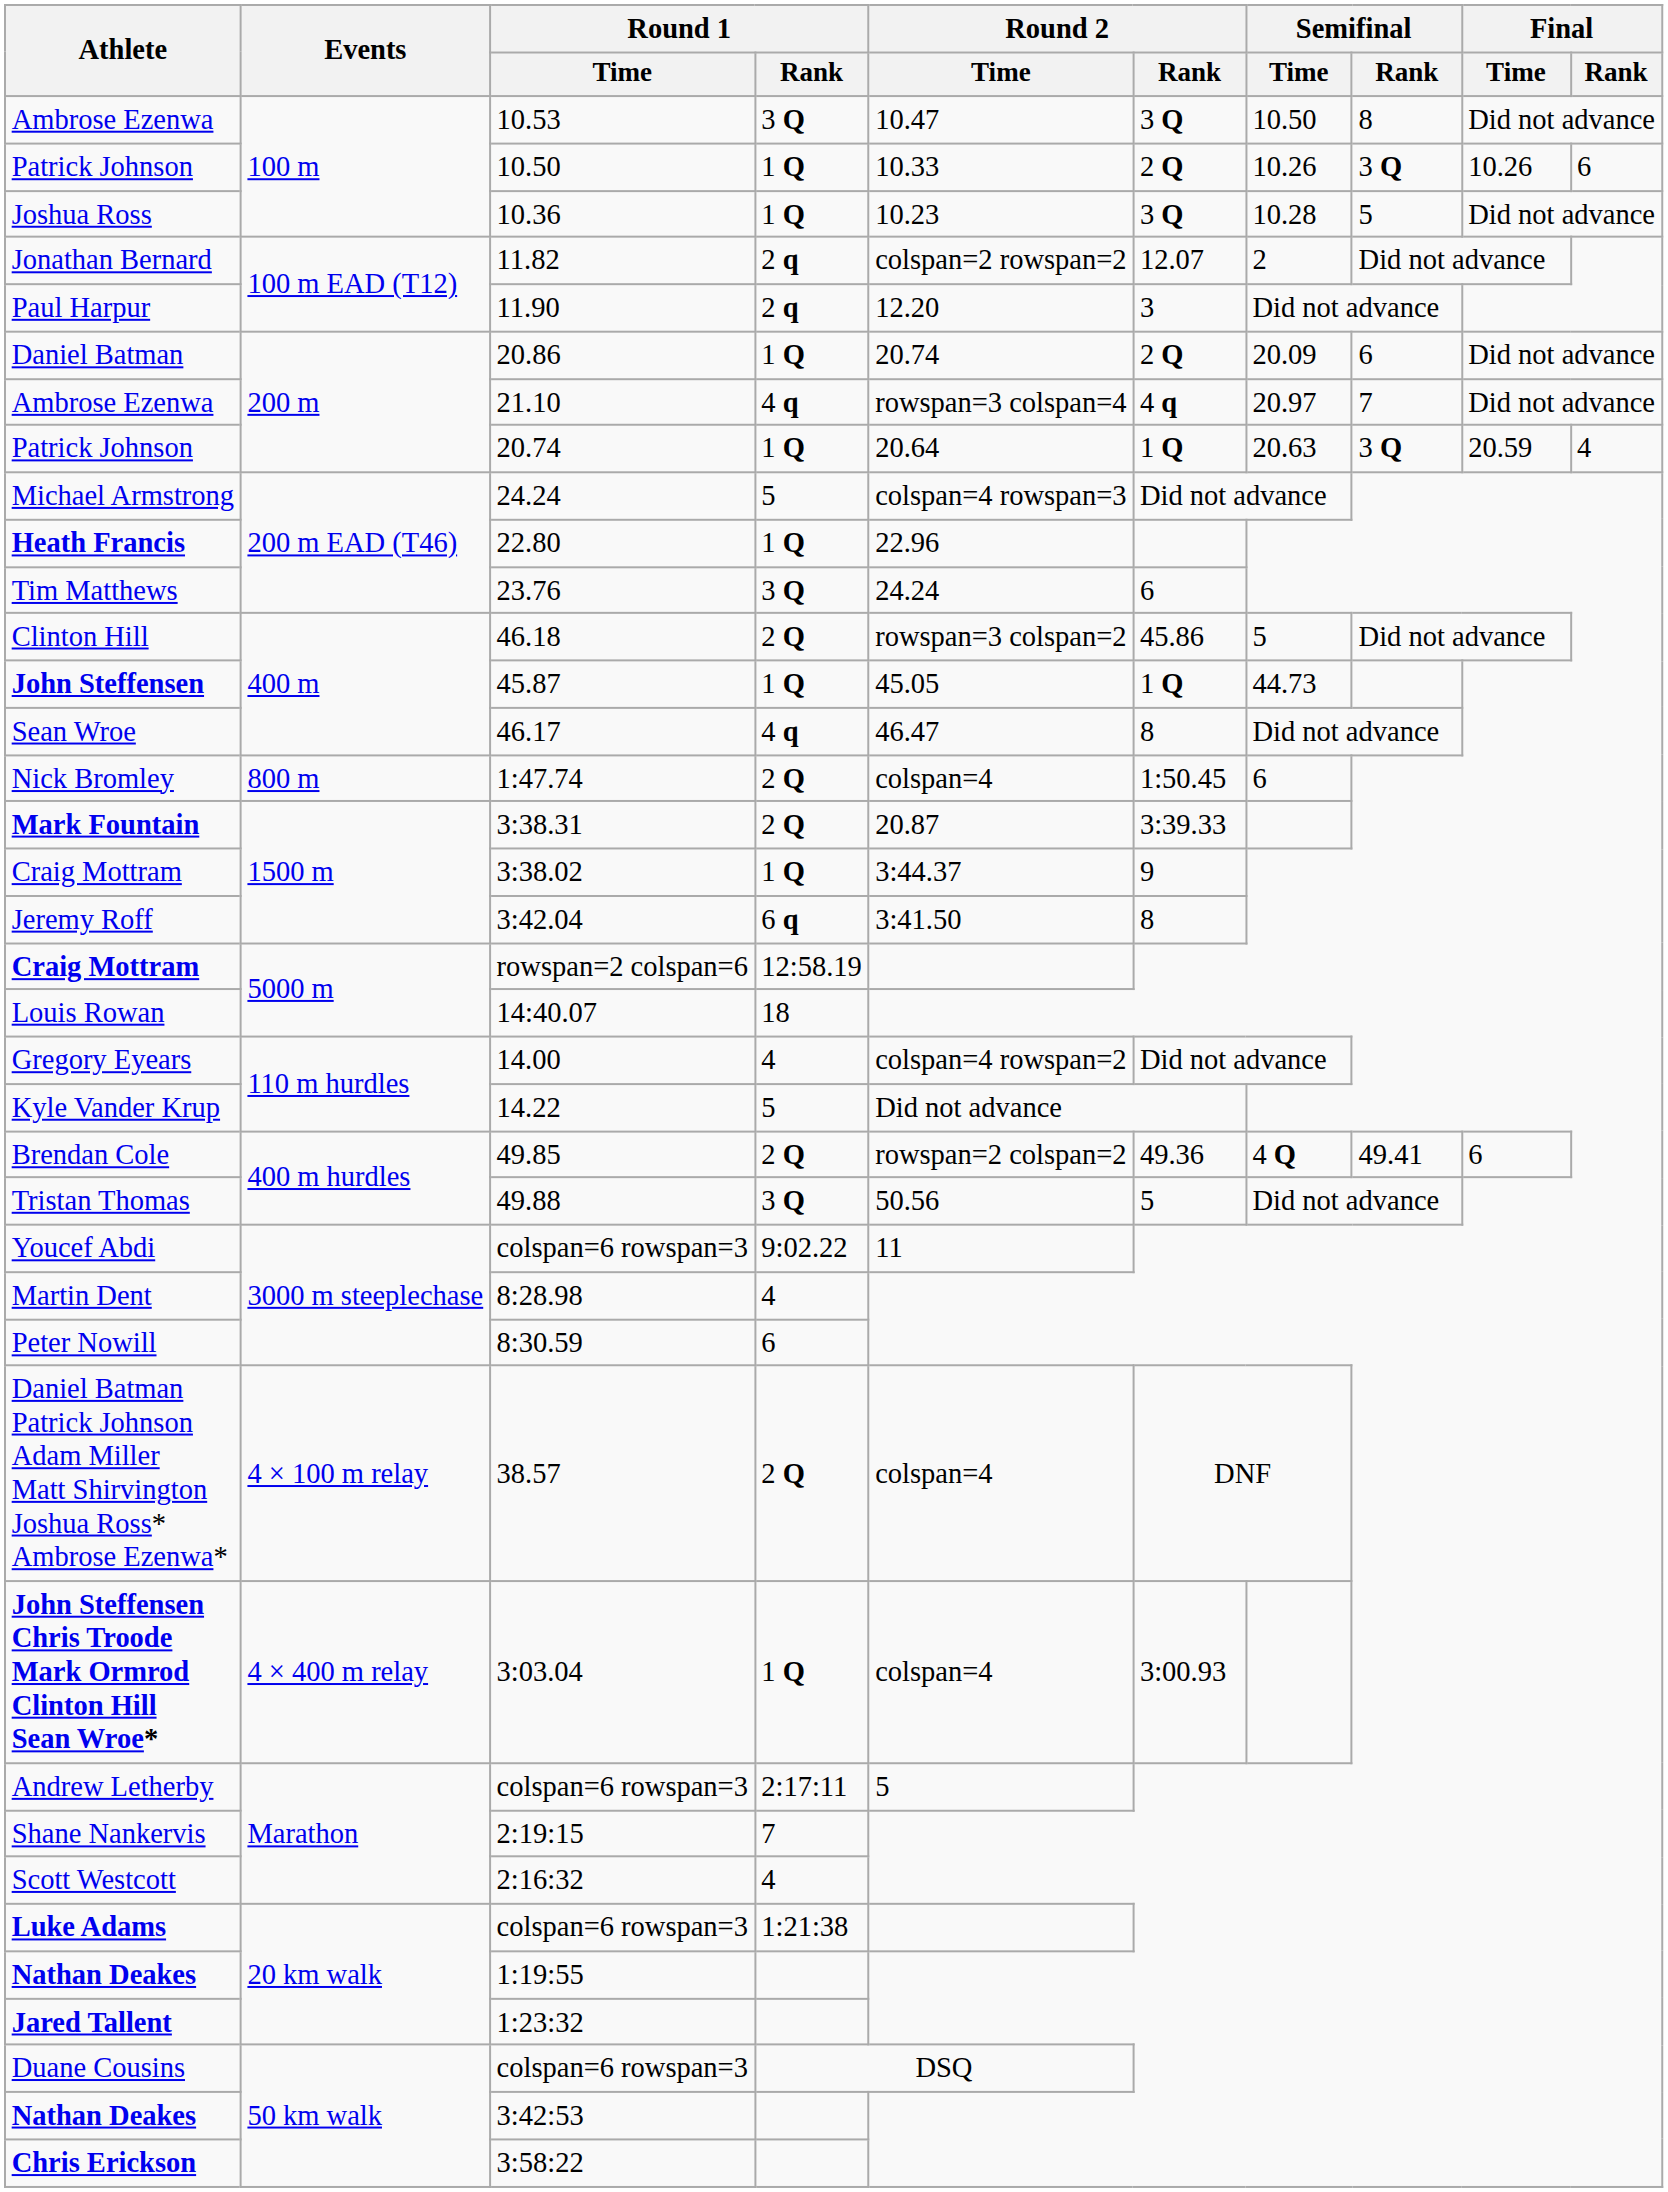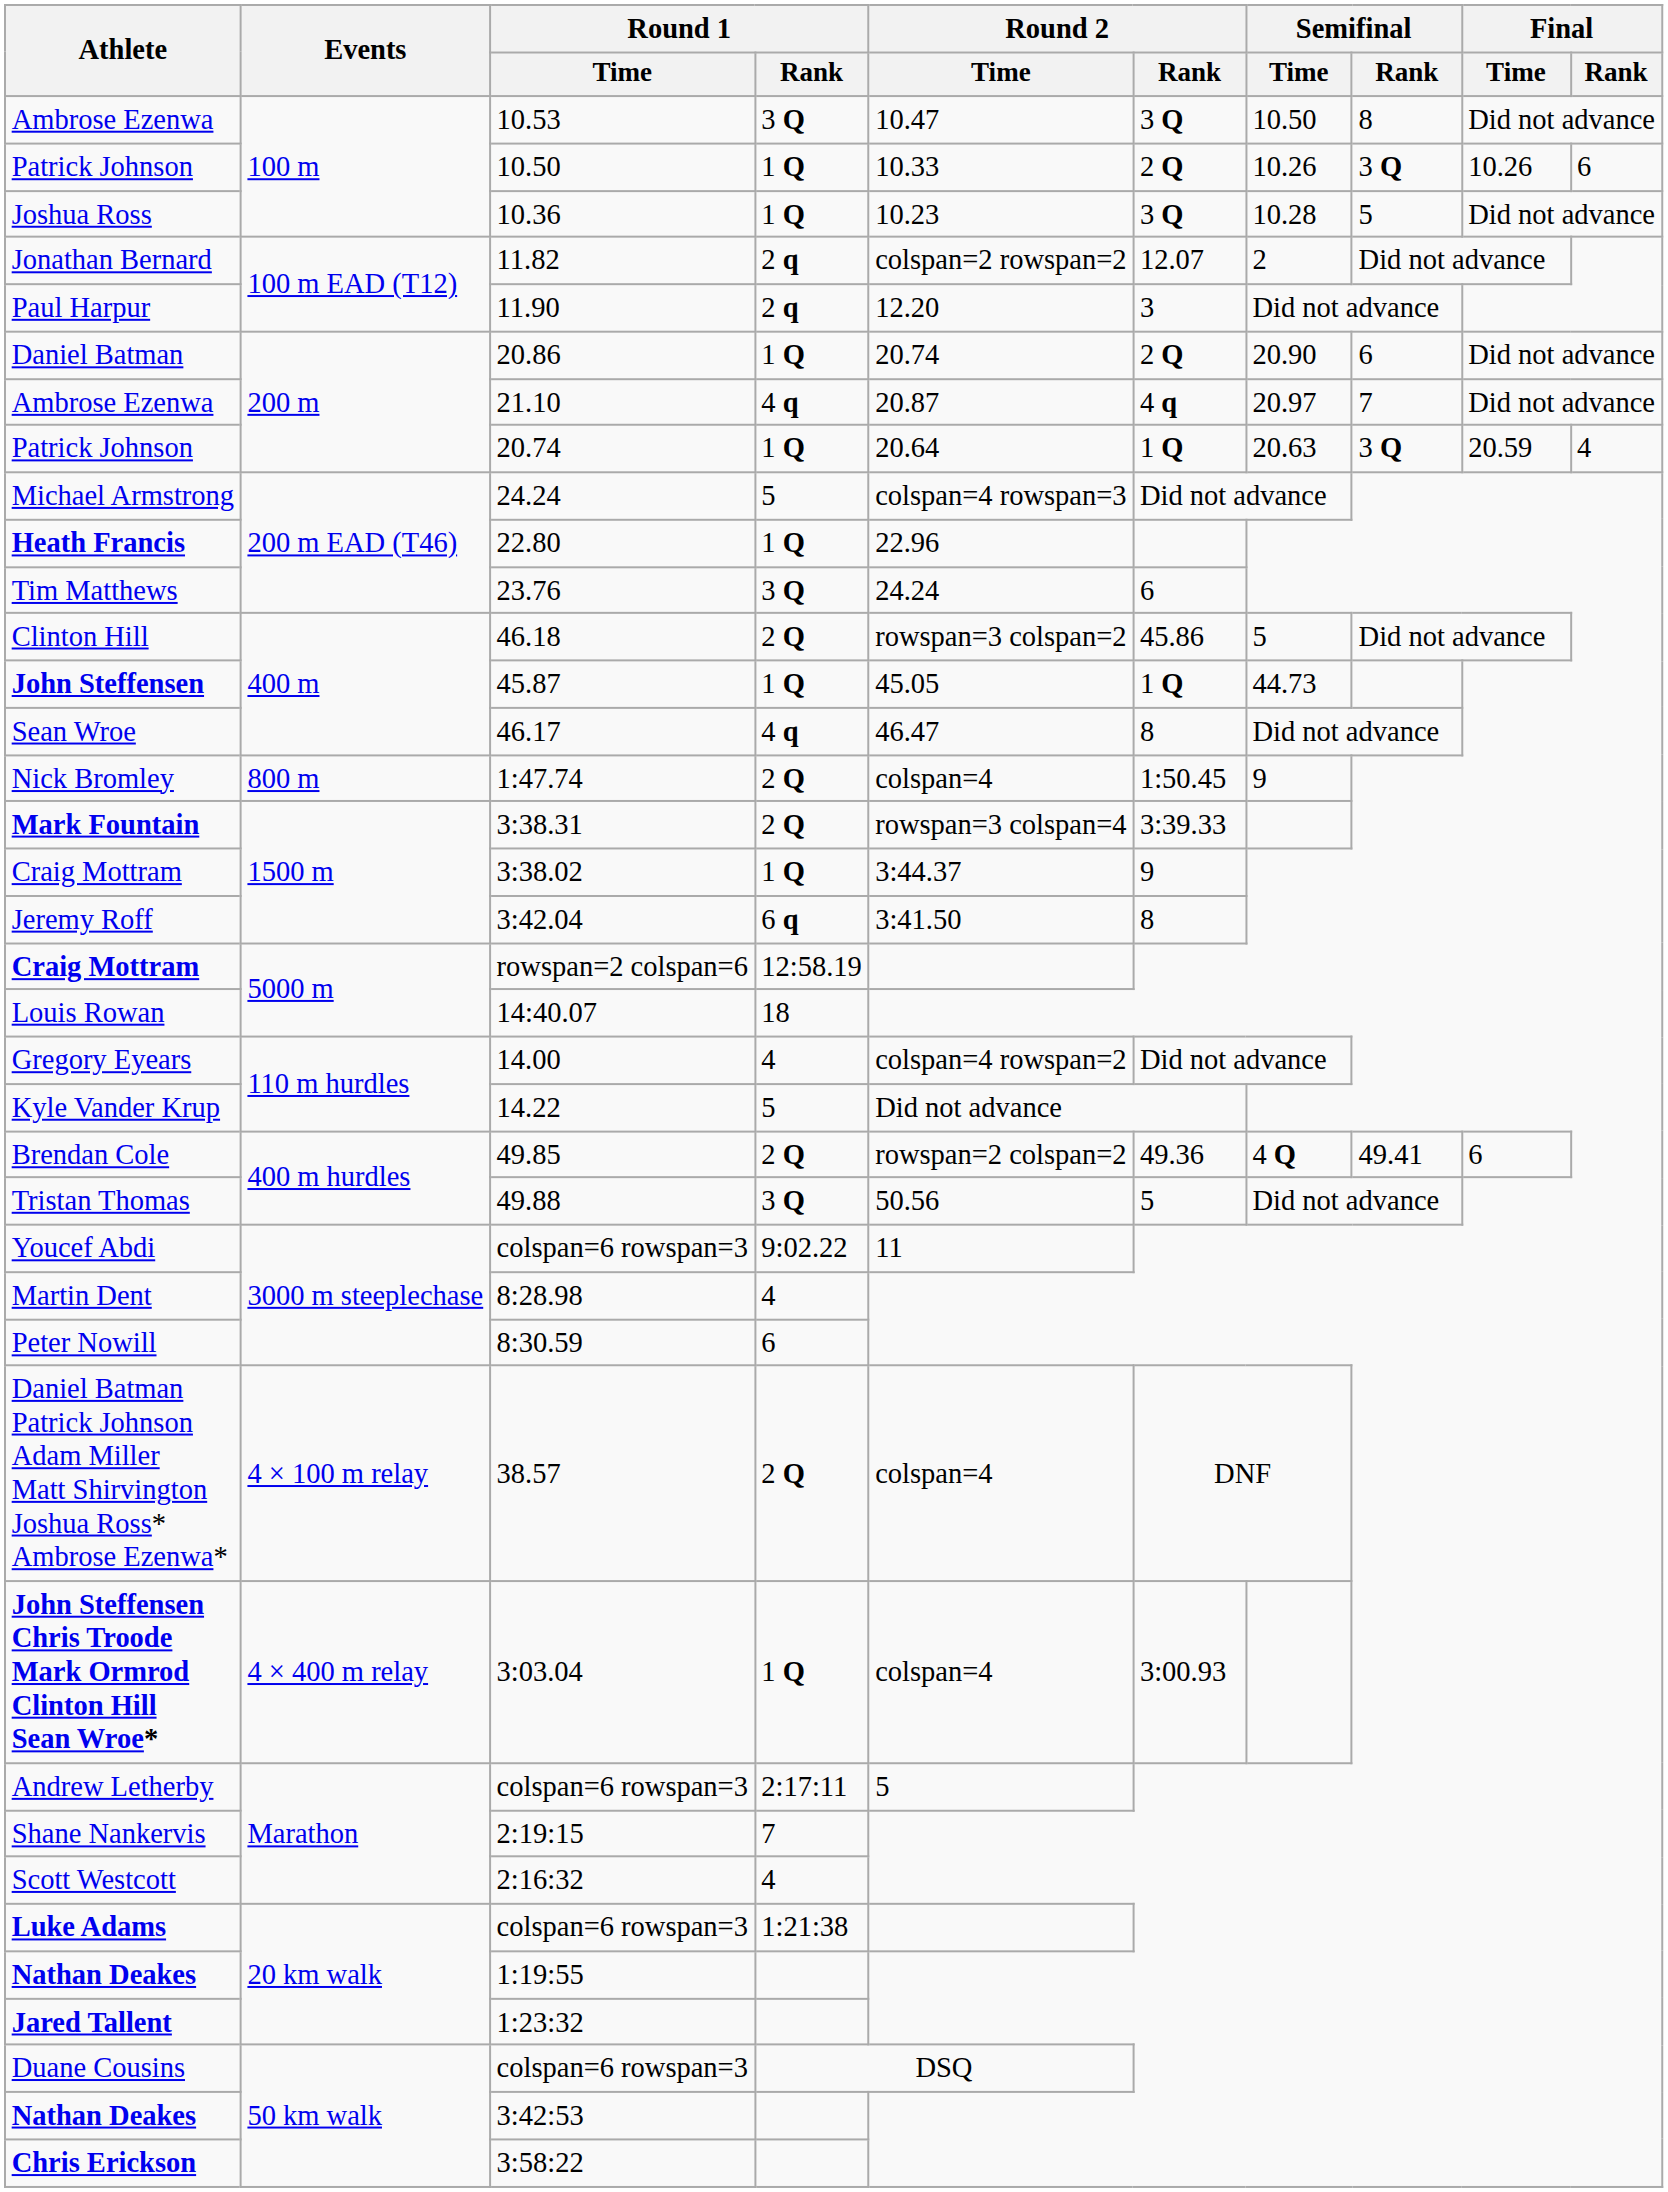 <table class=wikitable style="font-size:90%">
 <tr>
 <th rowspan="2">Athlete</th>
 <th rowspan="2">Events</th>
 <th colspan="2">Round 1</th>
 <th colspan="2">Round 2</th>
 <th colspan="2">Semifinal</th>
 <th colspan="2">Final</th>
 </tr>
 <tr style="font-size:95%">
 <th>Time</th>
 <th>Rank</th>
 <th>Time</th>
 <th>Rank</th>
 <th>Time</th>
 <th>Rank</th>
 <th>Time</th>
 <th>Rank</th>
 </tr>
 <tr>
 <td><a href='#'>Ambrose Ezenwa</a></td>
 <td rowspan=3><a href='#'>100 m</a></td>
 <td>10.53</td>
 <td>3 <strong>Q</strong></td>
 <td>10.47</td>
 <td>3 <strong>Q</strong></td>
 <td>10.50</td>
 <td>8</td>
 <td colspan=2 align=center>Did not advance</td>
 </tr>
 <tr>
 <td><a href='#'>Patrick Johnson</a></td>
 <td>10.50</td>
 <td>1 <strong>Q</strong></td>
 <td>10.33</td>
 <td>2 <strong>Q</strong></td>
 <td>10.26</td>
 <td>3 <strong>Q</strong></td>
 <td>10.26</td>
 <td>6</td>
 </tr>
 <tr>
 <td><a href='#'>Joshua Ross</a></td>
 <td>10.36</td>
 <td>1 <strong>Q</strong></td>
 <td>10.23</td>
 <td>3 <strong>Q</strong></td>
 <td>10.28</td>
 <td>5</td>
 <td colspan=2 align=center>Did not advance</td>
 </tr>
 <tr>
 <td><a href='#'>Jonathan Bernard</a></td>
 <td rowspan=2><a href='#'>100 m EAD (T12)</a></td>
 <td>11.82</td>
 <td>2 <strong>q</strong></td>
 <td>colspan=2 rowspan=2 </td>
 <td>12.07</td>
 <td>2</td>
 <td colspan=2>Did not advance</td>
 </tr>
 <tr>
 <td><a href='#'>Paul Harpur</a></td>
 <td>11.90</td>
 <td>2 <strong>q</strong></td>
 <td>12.20</td>
 <td>3</td>
 <td colspan=2>Did not advance</td>
 </tr>
 <tr>
 <td><a href='#'>Daniel Batman</a></td>
 <td rowspan=3><a href='#'>200 m</a></td>
 <td>20.86</td>
 <td>1 <strong>Q</strong></td>
 <td>20.74</td>
 <td>2 <strong>Q</strong></td>
-<td>20.09</td>
+<td>20.90</td>
 <td>6</td>
 <td colspan=2>Did not advance</td>
 </tr>
 <tr>
 <td><a href='#'>Ambrose Ezenwa</a></td>
 <td>21.10</td>
 <td>4 <strong>q</strong></td>
-<td>rowspan=3 colspan=4 </td>
+<td>20.87</td>
 <td>4 <strong>q</strong></td>
 <td>20.97</td>
 <td>7</td>
 <td colspan=2>Did not advance</td>
 </tr>
 <tr>
 <td><a href='#'>Patrick Johnson</a></td>
 <td>20.74</td>
 <td>1 <strong>Q</strong></td>
 <td>20.64</td>
 <td>1 <strong>Q</strong></td>
 <td>20.63</td>
 <td>3 <strong>Q</strong></td>
 <td>20.59</td>
 <td>4</td>
 </tr>
 <tr>
 <td><a href='#'>Michael Armstrong</a></td>
 <td rowspan=3><a href='#'>200 m EAD (T46)</a></td>
 <td>24.24</td>
 <td>5</td>
 <td>colspan=4 rowspan=3 </td>
 <td colspan=2>Did not advance</td>
 </tr>
 <tr>
 <td><strong><a href='#'>Heath Francis</a></strong></td>
 <td>22.80</td>
 <td>1 <strong>Q</strong></td>
 <td>22.96</td>
 <td></td>
 </tr>
 <tr>
 <td><a href='#'>Tim Matthews</a></td>
 <td>23.76</td>
 <td>3 <strong>Q</strong></td>
 <td>24.24</td>
 <td>6</td>
 </tr>
 <tr>
 <td><a href='#'>Clinton Hill</a></td>
 <td rowspan=3><a href='#'>400 m</a></td>
 <td>46.18</td>
 <td>2 <strong>Q</strong></td>
 <td>rowspan=3 colspan=2 </td>
 <td>45.86</td>
 <td>5</td>
 <td colspan=2>Did not advance</td>
 </tr>
 <tr>
 <td><strong><a href='#'>John Steffensen</a></strong></td>
 <td>45.87</td>
 <td>1 <strong>Q</strong></td>
 <td>45.05</td>
 <td>1 <strong>Q</strong></td>
 <td>44.73</td>
 <td></td>
 </tr>
 <tr>
 <td><a href='#'>Sean Wroe</a></td>
 <td>46.17</td>
 <td>4 <strong>q</strong></td>
 <td>46.47</td>
 <td>8</td>
 <td colspan=2>Did not advance</td>
 </tr>
 <tr>
 <td><a href='#'>Nick Bromley</a></td>
 <td><a href='#'>800 m</a></td>
 <td>1:47.74</td>
 <td>2 <strong>Q</strong></td>
 <td>colspan=4 </td>
 <td>1:50.45</td>
-<td>6</td>
+<td>9</td>
 </tr>
 <tr>
 <td><strong><a href='#'>Mark Fountain</a></strong></td>
 <td rowspan=3><a href='#'>1500 m</a></td>
 <td>3:38.31</td>
 <td>2 <strong>Q</strong></td>
-<td>20.87</td>
+<td>rowspan=3 colspan=4 </td>
 <td>3:39.33</td>
 <td></td>
 </tr>
 <tr>
 <td><a href='#'>Craig Mottram</a></td>
 <td>3:38.02</td>
 <td>1 <strong>Q</strong></td>
 <td>3:44.37</td>
 <td>9</td>
 </tr>
 <tr>
 <td><a href='#'>Jeremy Roff</a></td>
 <td>3:42.04</td>
 <td>6 <strong>q</strong></td>
 <td>3:41.50</td>
 <td>8</td>
 </tr>
 <tr>
 <td><strong><a href='#'>Craig Mottram</a></strong></td>
 <td rowspan=2><a href='#'>5000 m</a></td>
 <td>rowspan=2 colspan=6 </td>
 <td>12:58.19</td>
 <td></td>
 </tr>
 <tr>
 <td><a href='#'>Louis Rowan</a></td>
 <td>14:40.07</td>
 <td>18</td>
 </tr>
 <tr>
 <td><a href='#'>Gregory Eyears</a></td>
 <td rowspan=2><a href='#'>110 m hurdles</a></td>
 <td>14.00</td>
 <td>4</td>
 <td>colspan=4 rowspan=2 </td>
 <td colspan=2>Did not advance</td>
 </tr>
 <tr>
 <td><a href='#'>Kyle Vander Krup</a></td>
 <td>14.22</td>
 <td>5</td>
 <td colspan=2>Did not advance</td>
 </tr>
 <tr>
 <td><a href='#'>Brendan Cole</a></td>
 <td rowspan=2><a href='#'>400 m hurdles</a></td>
 <td>49.85</td>
 <td>2 <strong>Q</strong></td>
 <td>rowspan=2 colspan=2 </td>
 <td>49.36</td>
 <td>4 <strong>Q</strong></td>
 <td>49.41</td>
 <td>6</td>
 </tr>
 <tr>
 <td><a href='#'>Tristan Thomas</a></td>
 <td>49.88</td>
 <td>3 <strong>Q</strong></td>
 <td>50.56</td>
 <td>5</td>
 <td colspan=2>Did not advance</td>
 </tr>
 <tr>
 <td><a href='#'>Youcef Abdi</a></td>
 <td rowspan=3><a href='#'>3000 m steeplechase</a></td>
 <td>colspan=6 rowspan=3 </td>
 <td>9:02.22</td>
 <td>11</td>
 </tr>
 <tr>
 <td><a href='#'>Martin Dent</a></td>
 <td>8:28.98</td>
 <td>4</td>
 </tr>
 <tr>
 <td><a href='#'>Peter Nowill</a></td>
 <td>8:30.59</td>
 <td>6</td>
 </tr>
 <tr>
 <td><a href='#'>Daniel Batman</a><br><a href='#'>Patrick Johnson</a><br><a href='#'>Adam Miller</a><br><a href='#'>Matt Shirvington</a><br><a href='#'>Joshua Ross</a>*<br><a href='#'>Ambrose Ezenwa</a>*</td>
 <td><a href='#'>4 × 100 m relay</a></td>
 <td>38.57</td>
 <td>2 <strong>Q</strong></td>
 <td>colspan=4 </td>
 <td colspan=2 align=center>DNF</td>
 </tr>
 <tr>
 <td><strong><a href='#'>John Steffensen</a><br><a href='#'>Chris Troode</a><br><a href='#'>Mark Ormrod</a><br><a href='#'>Clinton Hill</a><br><a href='#'>Sean Wroe</a>*</strong></td>
 <td><a href='#'>4 × 400 m relay</a></td>
 <td>3:03.04</td>
 <td>1 <strong>Q</strong></td>
 <td>colspan=4 </td>
 <td>3:00.93</td>
 <td></td>
 </tr>
 <tr>
 <td><a href='#'>Andrew Letherby</a></td>
 <td rowspan=3><a href='#'>Marathon</a></td>
 <td>colspan=6 rowspan=3 </td>
 <td>2:17:11</td>
 <td>5</td>
 </tr>
 <tr>
 <td><a href='#'>Shane Nankervis</a></td>
 <td>2:19:15</td>
 <td>7</td>
 </tr>
 <tr>
 <td><a href='#'>Scott Westcott</a></td>
 <td>2:16:32</td>
 <td>4</td>
 </tr>
 <tr>
 <td><strong><a href='#'>Luke Adams</a></strong></td>
 <td rowspan=3><a href='#'>20 km walk</a></td>
 <td>colspan=6 rowspan=3 </td>
 <td>1:21:38</td>
 <td></td>
 </tr>
 <tr>
 <td><strong><a href='#'>Nathan Deakes</a></strong></td>
 <td>1:19:55</td>
 <td></td>
 </tr>
 <tr>
 <td><strong><a href='#'>Jared Tallent</a></strong></td>
 <td>1:23:32</td>
 <td></td>
 </tr>
 <tr>
 <td><a href='#'>Duane Cousins</a></td>
 <td rowspan=3><a href='#'>50 km walk</a></td>
 <td>colspan=6 rowspan=3 </td>
 <td colspan=2 align=center>DSQ</td>
 </tr>
 <tr>
 <td><strong><a href='#'>Nathan Deakes</a></strong></td>
 <td>3:42:53</td>
 <td></td>
 </tr>
 <tr>
 <td><strong><a href='#'>Chris Erickson</a></strong></td>
 <td>3:58:22</td>
 <td></td>
 </tr>
 </table>
